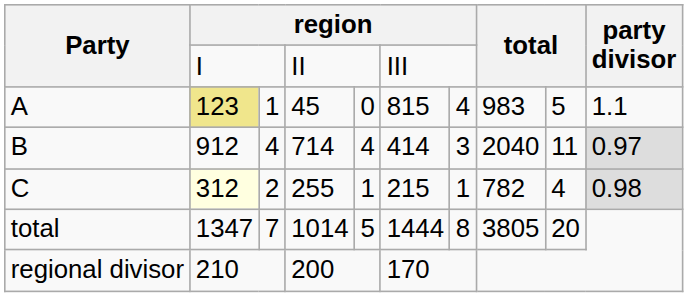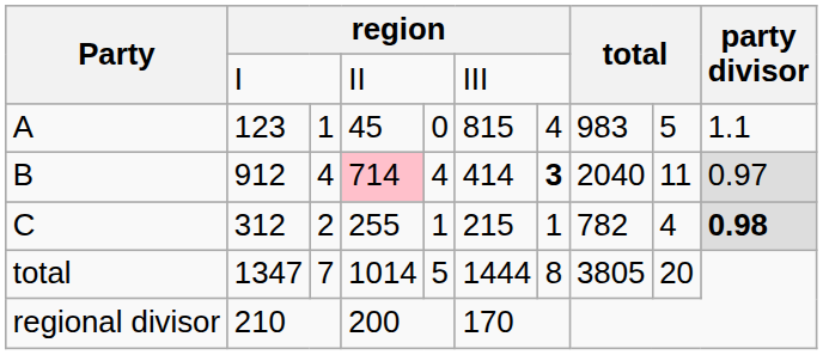 <table class="wikitable">
 <tr>
 <th rowspan="2">Party</th>
 <th colspan="6">region</th>
 <th colspan="2" rowspan="2">total</th>
 <th rowspan="2">party<br>divisor</th>
 </tr>
 <tr>
 <td colspan="2">I</td>
 <td colspan=2>II</td>
 <td colspan=2>III</td>
 </tr>
 <tr>
 <td>A</td>
-<td style="background: khaki;">123</td>
+<td>123</td>
 <td>1</td>
 <td>45</td>
 <td>0</td>
 <td>815</td>
 <td>4</td>
 <td>983</td>
 <td>5</td>
 <td>1.1</td>
 </tr>
 <tr>
 <td>B</td>
 <td>912</td>
 <td>4</td>
-<td>714</td>
+<td style="background: pink;">714</td>
 <td>4</td>
 <td>414</td>
-<td>3</td>
+<td><strong>3</strong></td>
 <td>2040</td>
 <td>11</td>
 <td bgcolor=#dddddd>0.97</td>
 </tr>
 <tr>
 <td>C</td>
-<td style="background: lightyellow;">312</td>
+<td>312</td>
 <td>2</td>
 <td>255</td>
 <td>1</td>
 <td>215</td>
 <td>1</td>
 <td>782</td>
 <td>4</td>
-<td bgcolor=#dddddd>0.98</td>
+<td bgcolor=#dddddd><strong>0.98</strong></td>
 </tr>
 <tr>
 <td>total</td>
 <td>1347</td>
 <td>7</td>
 <td>1014</td>
 <td>5</td>
 <td>1444</td>
 <td>8</td>
 <td>3805</td>
 <td>20</td>
 </tr>
 <tr>
 <td>regional divisor</td>
 <td colspan=2>210</td>
 <td colspan=2>200</td>
 <td colspan=2>170</td>
 </tr>
 </table>
